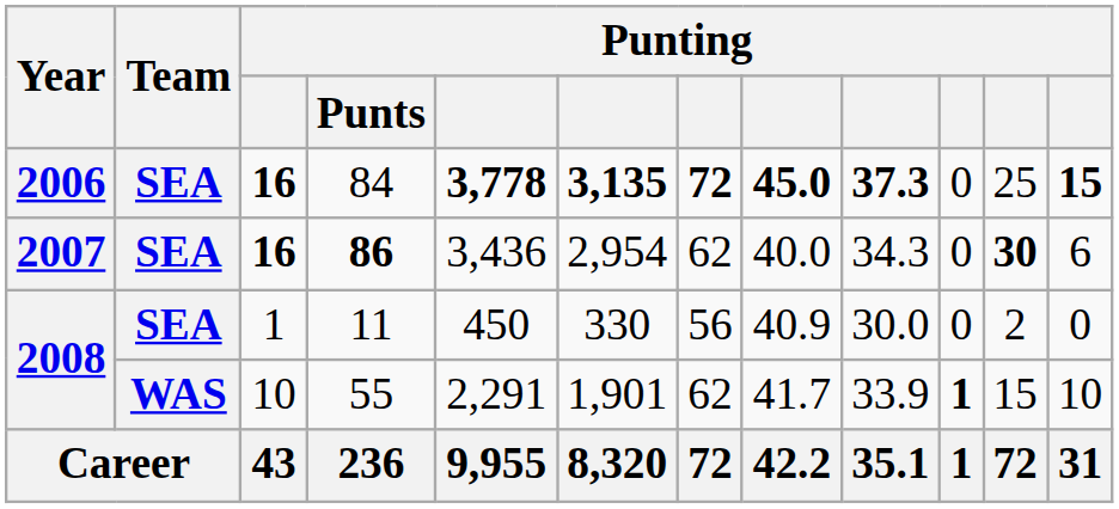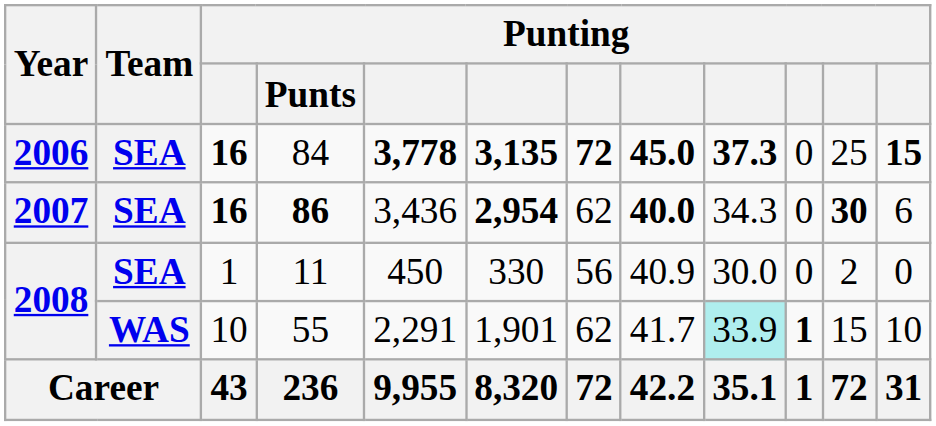 <table class=wikitable style="text-align:center;">
 <tr>
 <th rowspan="2">Year</th>
 <th rowspan="2">Team</th>
 <th colspan="10">Punting</th>
 </tr>
 <tr>
 <th></th>
 <th>Punts</th>
 <th></th>
 <th></th>
 <th></th>
 <th></th>
 <th></th>
 <th></th>
 <th></th>
 <th></th>
 </tr>
 <tr>
 <th><a href='#'>2006</a></th>
 <th><a href='#'>SEA</a></th>
 <td><strong>16</strong></td>
 <td>84</td>
 <td><strong>3,778</strong></td>
 <td><strong>3,135</strong></td>
 <td><strong>72</strong></td>
 <td><strong>45.0</strong></td>
 <td><strong>37.3</strong></td>
 <td>0</td>
 <td>25</td>
 <td><strong>15</strong></td>
 </tr>
 <tr>
 <th><a href='#'>2007</a></th>
 <th><a href='#'>SEA</a></th>
 <td><strong>16</strong></td>
 <td><strong>86</strong></td>
 <td>3,436</td>
-<td>2,954</td>
+<td><strong>2,954</strong></td>
 <td>62</td>
-<td>40.0</td>
+<td><strong>40.0</strong></td>
 <td>34.3</td>
 <td>0</td>
 <td><strong>30</strong></td>
 <td>6</td>
 </tr>
 <tr>
 <th rowspan="2"><a href='#'>2008</a></th>
 <th><a href='#'>SEA</a></th>
 <td>1</td>
 <td>11</td>
 <td>450</td>
 <td>330</td>
 <td>56</td>
 <td>40.9</td>
 <td>30.0</td>
 <td>0</td>
 <td>2</td>
 <td>0</td>
 </tr>
 <tr>
 <th><a href='#'>WAS</a></th>
 <td>10</td>
 <td>55</td>
 <td>2,291</td>
 <td>1,901</td>
 <td>62</td>
 <td>41.7</td>
-<td>33.9</td>
+<td style="background: paleturquoise;">33.9</td>
 <td><strong>1</strong></td>
 <td>15</td>
 <td>10</td>
 </tr>
 <tr>
 <th colspan="2">Career</th>
 <th>43</th>
 <th>236</th>
 <th>9,955</th>
 <th>8,320</th>
 <th>72</th>
 <th>42.2</th>
 <th>35.1</th>
 <th>1</th>
 <th>72</th>
 <th>31</th>
 </tr>
 </table>
